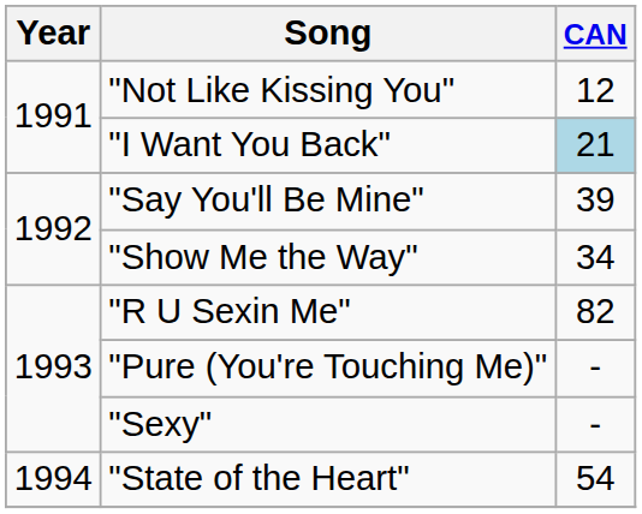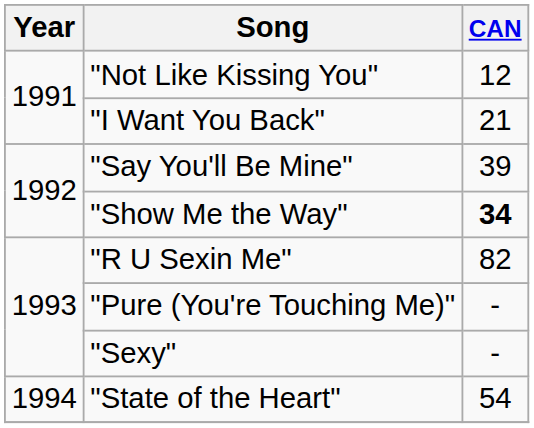 <table class="wikitable">
 <tr>
 <th>Year</th>
 <th>Song</th>
 <th><small><a href='#'>CAN</a></small></th>
 </tr>
 <tr>
 <td rowspan="2">1991</td>
 <td>"Not Like Kissing You"</td>
 <td align="center">12</td>
 </tr>
 <tr>
 <td>"I Want You Back"</td>
-<td align="center" style="background: lightblue;">21</td>
+<td align="center">21</td>
 </tr>
 <tr>
 <td rowspan="2">1992</td>
 <td>"Say You'll Be Mine"</td>
 <td align="center">39</td>
 </tr>
 <tr>
 <td>"Show Me the Way"</td>
-<td align="center">34</td>
+<td align="center"><strong>34</strong></td>
 </tr>
 <tr>
 <td rowspan="3">1993</td>
 <td>"R U Sexin Me"</td>
 <td align="center">82</td>
 </tr>
 <tr>
 <td>"Pure (You're Touching Me)"</td>
 <td align="center">-</td>
 </tr>
 <tr>
 <td>"Sexy"</td>
 <td align="center">-</td>
 </tr>
 <tr>
 <td>1994</td>
 <td>"State of the Heart"</td>
 <td align="center">54</td>
 </tr>
 <tr>
 </tr>
 </table>
